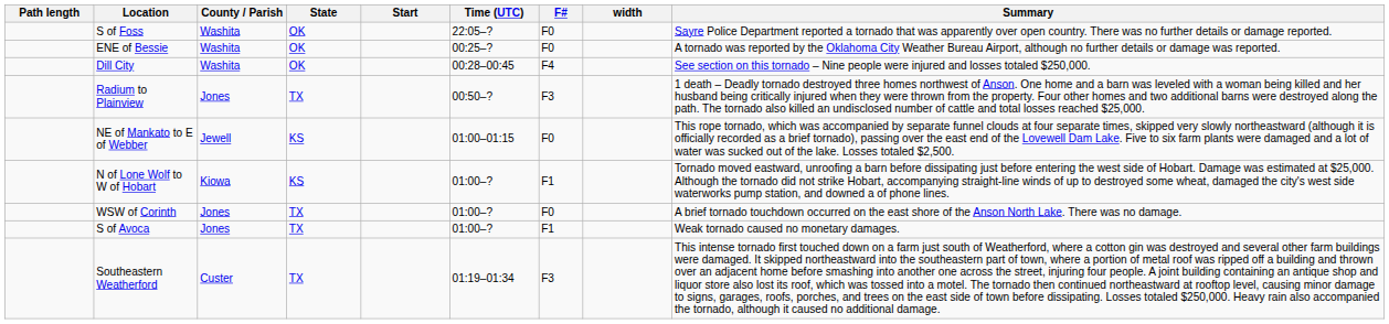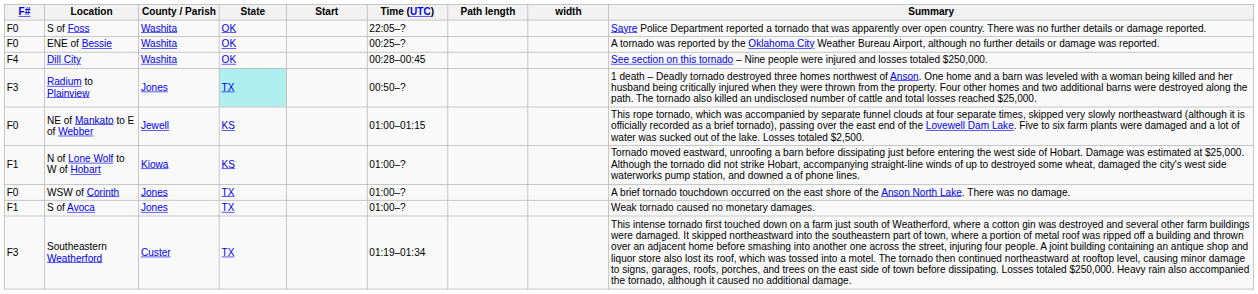 <table class="wikitable sortable" style="width:100%;">
 <tr>
-<th scope="col"  style="width:6%; text-align:center;">Path length</th>
+<th scope="col"  style="width:3%; text-align:center;"><a href='#'>F#</a></th>
 <th scope="col"  style="width:7%; text-align:center;" class="unsortable">Location</th>
 <th scope="col"  style="width:6%; text-align:center;" class="unsortable">County / Parish</th>
 <th scope="col"  style="width:5%; text-align:center;">State</th>
 <th scope="col"  style="width:6%; text-align:center;">Start<br></th>
 <th scope="col"  style="width:6%; text-align:center;">Time (<a href='#'>UTC</a>)</th>
-<th scope="col"  style="width:3%; text-align:center;"><a href='#'>F#</a></th>
+<th scope="col"  style="width:6%; text-align:center;">Path length</th>
 <th scope="col"  style="width:6%; text-align:center;"> width</th>
 <th scope="col" class="unsortable" style="width:48%; text-align:center;">Summary</th>
 </tr>
 <tr>
-<td></td>
+<td>F0</td>
 <td>S of <a href='#'>Foss</a></td>
 <td><a href='#'>Washita</a></td>
 <td><a href='#'>OK</a></td>
 <td></td>
 <td>22:05–?</td>
-<td>F0</td>
+<td></td>
 <td></td>
 <td><a href='#'>Sayre</a> Police Department reported a tornado that was apparently over open country. There was no further details or damage reported.</td>
 </tr>
 <tr>
-<td></td>
+<td>F0</td>
 <td>ENE of <a href='#'>Bessie</a></td>
 <td><a href='#'>Washita</a></td>
 <td><a href='#'>OK</a></td>
 <td></td>
 <td>00:25–?</td>
-<td>F0</td>
+<td></td>
 <td></td>
 <td>A tornado was reported by the <a href='#'>Oklahoma City</a> Weather Bureau Airport, although no further details or damage was reported.</td>
 </tr>
 <tr>
-<td></td>
+<td>F4</td>
 <td><a href='#'>Dill City</a></td>
 <td><a href='#'>Washita</a></td>
 <td><a href='#'>OK</a></td>
 <td></td>
 <td>00:28–00:45</td>
-<td>F4</td>
+<td></td>
 <td></td>
 <td><a href='#'>See section on this tornado</a> – Nine people were injured and losses totaled $250,000.</td>
 </tr>
 <tr>
-<td></td>
+<td>F3</td>
 <td><a href='#'>Radium</a> to <a href='#'>Plainview</a></td>
 <td><a href='#'>Jones</a></td>
-<td><a href='#'>TX</a></td>
+<td style="background: paleturquoise;"><a href='#'>TX</a></td>
 <td></td>
 <td>00:50–?</td>
-<td>F3</td>
+<td></td>
 <td></td>
 <td>1 death – Deadly tornado destroyed three homes  northwest of <a href='#'>Anson</a>. One home and a barn was leveled with a woman being killed and her husband being critically injured when they were thrown  from the property. Four other homes and two additional barns were destroyed along the path. The tornado also killed an undisclosed number of cattle and total losses reached $25,000.</td>
 </tr>
 <tr>
-<td></td>
+<td>F0</td>
 <td>NE of <a href='#'>Mankato</a> to E of <a href='#'>Webber</a></td>
 <td><a href='#'>Jewell</a></td>
 <td><a href='#'>KS</a></td>
 <td></td>
 <td>01:00–01:15</td>
-<td>F0</td>
+<td></td>
 <td></td>
 <td>This rope tornado, which was accompanied by separate funnel clouds at four separate times, skipped very slowly northeastward (although it is officially recorded as a brief tornado), passing over the east end of the <a href='#'>Lovewell Dam Lake</a>. Five to six farm plants were damaged and a lot of water was sucked out of the lake. Losses totaled $2,500.</td>
 </tr>
 <tr>
-<td></td>
+<td>F1</td>
 <td>N of <a href='#'>Lone Wolf</a> to W of <a href='#'>Hobart</a></td>
 <td><a href='#'>Kiowa</a></td>
 <td><a href='#'>KS</a></td>
 <td></td>
 <td>01:00–?</td>
-<td>F1</td>
+<td></td>
 <td></td>
 <td>Tornado moved eastward, unroofing a barn before dissipating just before entering the west side of Hobart. Damage was estimated at $25,000. Although the tornado did not strike Hobart, accompanying straight-line winds of up to  destroyed some wheat, damaged the city's west side waterworks pump station, and downed a  of phone lines.</td>
 </tr>
 <tr>
-<td></td>
+<td>F0</td>
 <td>WSW of <a href='#'>Corinth</a></td>
 <td><a href='#'>Jones</a></td>
 <td><a href='#'>TX</a></td>
 <td></td>
 <td>01:00–?</td>
-<td>F0</td>
+<td></td>
 <td></td>
 <td>A brief tornado touchdown occurred on the east shore of the <a href='#'>Anson North Lake</a>. There was no damage.</td>
 </tr>
 <tr>
-<td></td>
+<td>F1</td>
 <td>S of <a href='#'>Avoca</a></td>
 <td><a href='#'>Jones</a></td>
 <td><a href='#'>TX</a></td>
 <td></td>
 <td>01:00–?</td>
-<td>F1</td>
+<td></td>
 <td></td>
 <td>Weak tornado caused no monetary damages.</td>
 </tr>
 <tr>
-<td></td>
+<td>F3</td>
 <td>Southeastern <a href='#'>Weatherford</a></td>
 <td><a href='#'>Custer</a></td>
 <td><a href='#'>TX</a></td>
 <td></td>
 <td>01:19–01:34</td>
-<td>F3</td>
+<td></td>
 <td></td>
 <td>This intense tornado first touched down on a farm just south of Weatherford, where a cotton gin was destroyed and several other farm buildings were damaged. It skipped northeastward into the southeastern part of town, where a portion of metal roof was ripped off a building and thrown over an adjacent home before smashing into another one across the street, injuring four people. A joint building containing an antique shop and liquor store also lost its roof, which was tossed into a motel. The tornado then continued northeastward at rooftop level, causing minor damage to signs, garages, roofs, porches, and trees on the east side of town before dissipating. Losses totaled $250,000. Heavy rain also accompanied the tornado, although it caused no additional damage.</td>
 </tr>
 </table>
